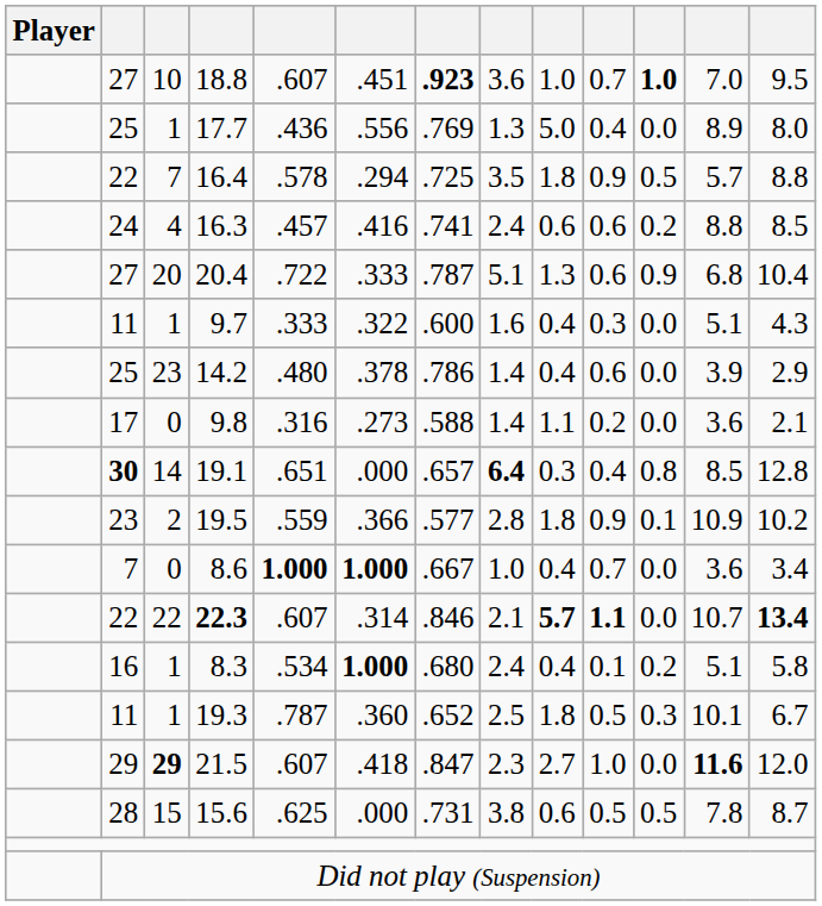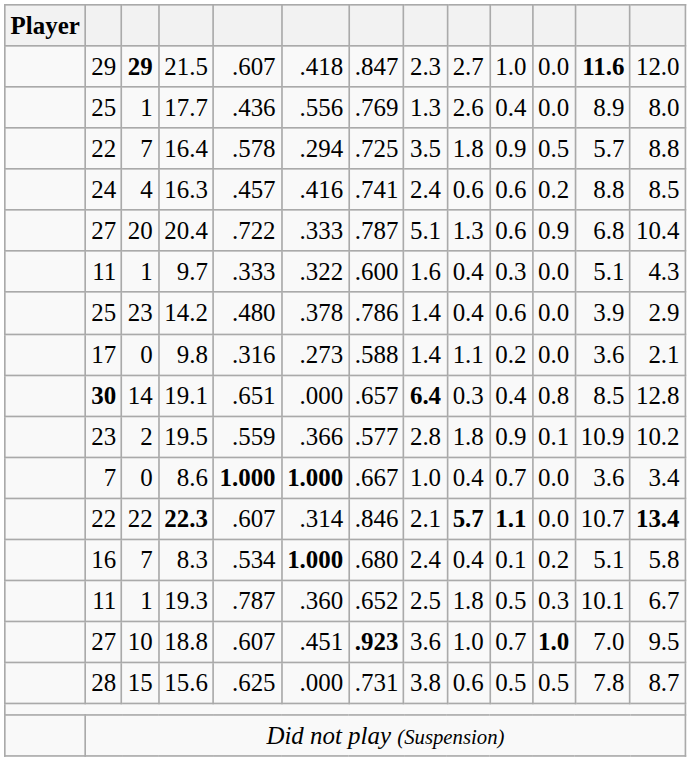 <table class="wikitable sortable" style="font-size:95%; text-align:right;">
 <tr>
 <th>Player</th>
 <th></th>
 <th></th>
 <th></th>
 <th></th>
 <th></th>
 <th></th>
 <th></th>
 <th></th>
 <th></th>
 <th></th>
 <th></th>
 <th></th>
 </tr>
 <tr>
 <td><strong></strong></td>
-<td>27</td>
-<td>10</td>
-<td>18.8</td>
+<td>29</td>
+<td><strong>29</strong></td>
+<td>21.5</td>
 <td>.607</td>
-<td>.451</td>
-<td><strong>.923</strong></td>
-<td>3.6</td>
+<td>.418</td>
+<td>.847</td>
+<td>2.3</td>
+<td>2.7</td>
 <td>1.0</td>
-<td>0.7</td>
-<td><strong>1.0</strong></td>
-<td>7.0</td>
-<td>9.5</td>
+<td>0.0</td>
+<td><strong>11.6</strong></td>
+<td>12.0</td>
 </tr>
 <tr>
 <td><strong></strong></td>
 <td>25</td>
 <td>1</td>
 <td>17.7</td>
 <td>.436</td>
 <td>.556</td>
 <td>.769</td>
 <td>1.3</td>
-<td>5.0</td>
+<td>2.6</td>
 <td>0.4</td>
 <td>0.0</td>
 <td>8.9</td>
 <td>8.0</td>
 </tr>
 <tr>
 <td><strong></strong></td>
 <td>22</td>
 <td>7</td>
 <td>16.4</td>
 <td>.578</td>
 <td>.294</td>
 <td>.725</td>
 <td>3.5</td>
 <td>1.8</td>
 <td>0.9</td>
 <td>0.5</td>
 <td>5.7</td>
 <td>8.8</td>
 </tr>
 <tr>
 <td><strong></strong></td>
 <td>24</td>
 <td>4</td>
 <td>16.3</td>
 <td>.457</td>
 <td>.416</td>
 <td>.741</td>
 <td>2.4</td>
 <td>0.6</td>
 <td>0.6</td>
 <td>0.2</td>
 <td>8.8</td>
 <td>8.5</td>
 </tr>
 <tr>
 <td><strong></strong></td>
 <td>27</td>
 <td>20</td>
 <td>20.4</td>
 <td>.722</td>
 <td>.333</td>
 <td>.787</td>
 <td>5.1</td>
 <td>1.3</td>
 <td>0.6</td>
 <td>0.9</td>
 <td>6.8</td>
 <td>10.4</td>
 </tr>
 <tr>
 <td><strong></strong></td>
 <td>11</td>
 <td>1</td>
 <td>9.7</td>
 <td>.333</td>
 <td>.322</td>
 <td>.600</td>
 <td>1.6</td>
 <td>0.4</td>
 <td>0.3</td>
 <td>0.0</td>
 <td>5.1</td>
 <td>4.3</td>
 </tr>
 <tr>
 <td><strong></strong></td>
 <td>25</td>
 <td>23</td>
 <td>14.2</td>
 <td>.480</td>
 <td>.378</td>
 <td>.786</td>
 <td>1.4</td>
 <td>0.4</td>
 <td>0.6</td>
 <td>0.0</td>
 <td>3.9</td>
 <td>2.9</td>
 </tr>
 <tr>
 <td><strong></strong></td>
 <td>17</td>
 <td>0</td>
 <td>9.8</td>
 <td>.316</td>
 <td>.273</td>
 <td>.588</td>
 <td>1.4</td>
 <td>1.1</td>
 <td>0.2</td>
 <td>0.0</td>
 <td>3.6</td>
 <td>2.1</td>
 </tr>
 <tr>
 <td><strong></strong></td>
 <td><strong>30</strong></td>
 <td>14</td>
 <td>19.1</td>
 <td>.651</td>
 <td>.000</td>
 <td>.657</td>
 <td><strong>6.4</strong></td>
 <td>0.3</td>
 <td>0.4</td>
 <td>0.8</td>
 <td>8.5</td>
 <td>12.8</td>
 </tr>
 <tr>
 <td><strong></strong></td>
 <td>23</td>
 <td>2</td>
 <td>19.5</td>
 <td>.559</td>
 <td>.366</td>
 <td>.577</td>
 <td>2.8</td>
 <td>1.8</td>
 <td>0.9</td>
 <td>0.1</td>
 <td>10.9</td>
 <td>10.2</td>
 </tr>
 <tr>
 <td><strong></strong></td>
 <td>7</td>
 <td>0</td>
 <td>8.6</td>
 <td><strong>1.000</strong></td>
 <td><strong>1.000</strong></td>
 <td>.667</td>
 <td>1.0</td>
 <td>0.4</td>
 <td>0.7</td>
 <td>0.0</td>
 <td>3.6</td>
 <td>3.4</td>
 </tr>
 <tr>
 <td><strong></strong></td>
 <td>22</td>
 <td>22</td>
 <td><strong>22.3</strong></td>
 <td>.607</td>
 <td>.314</td>
 <td>.846</td>
 <td>2.1</td>
 <td><strong>5.7</strong></td>
 <td><strong>1.1</strong></td>
 <td>0.0</td>
 <td>10.7</td>
 <td><strong>13.4</strong></td>
 </tr>
 <tr>
 <td><strong></strong></td>
 <td>16</td>
-<td>1</td>
+<td>7</td>
 <td>8.3</td>
 <td>.534</td>
 <td><strong>1.000</strong></td>
 <td>.680</td>
 <td>2.4</td>
 <td>0.4</td>
 <td>0.1</td>
 <td>0.2</td>
 <td>5.1</td>
 <td>5.8</td>
 </tr>
 <tr>
 <td><strong></strong></td>
 <td>11</td>
 <td>1</td>
 <td>19.3</td>
 <td>.787</td>
 <td>.360</td>
 <td>.652</td>
 <td>2.5</td>
 <td>1.8</td>
 <td>0.5</td>
 <td>0.3</td>
 <td>10.1</td>
 <td>6.7</td>
 </tr>
 <tr>
 <td><strong></strong></td>
-<td>29</td>
-<td><strong>29</strong></td>
-<td>21.5</td>
+<td>27</td>
+<td>10</td>
+<td>18.8</td>
 <td>.607</td>
-<td>.418</td>
-<td>.847</td>
-<td>2.3</td>
-<td>2.7</td>
+<td>.451</td>
+<td><strong>.923</strong></td>
+<td>3.6</td>
 <td>1.0</td>
-<td>0.0</td>
-<td><strong>11.6</strong></td>
-<td>12.0</td>
+<td>0.7</td>
+<td><strong>1.0</strong></td>
+<td>7.0</td>
+<td>9.5</td>
 </tr>
 <tr>
 <td><strong></strong></td>
 <td>28</td>
 <td>15</td>
 <td>15.6</td>
 <td>.625</td>
 <td>.000</td>
 <td>.731</td>
 <td>3.8</td>
 <td>0.6</td>
 <td>0.5</td>
 <td>0.5</td>
 <td>7.8</td>
 <td>8.7</td>
 </tr>
 <tr class="sortbottom">
 <td colspan=13></td>
 </tr>
 <tr class="sortbottom">
 <td><em></em></td>
 <td colspan=12 style="text-align:center;"><em>Did not play <small>(Suspension)</small></em></td>
 </tr>
 </table>
